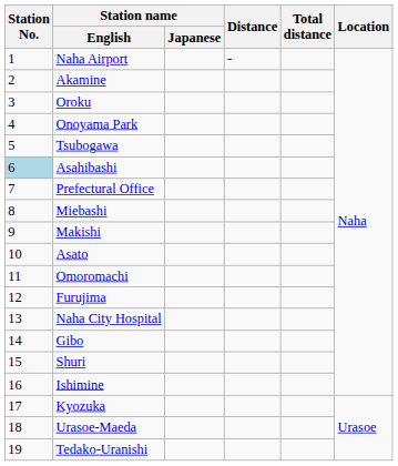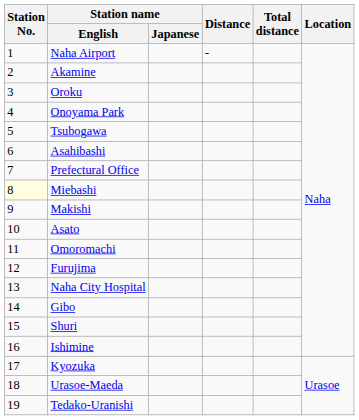 <table class="wikitable">
 <tr>
 <th rowspan="2">Station<br>No.</th>
 <th colspan="2">Station name</th>
 <th rowspan="2">Distance</th>
 <th rowspan="2">Total<br>distance</th>
 <th colspan="2" rowspan="2">Location</th>
 </tr>
 <tr>
 <th>English</th>
 <th>Japanese</th>
 </tr>
 <tr>
 <td>1</td>
 <td><a href='#'>Naha Airport</a></td>
 <td></td>
 <td>-</td>
 <td></td>
 <td rowspan=16><a href='#'>Naha</a></td>
 </tr>
 <tr>
 <td>2</td>
 <td><a href='#'>Akamine</a></td>
 <td></td>
 <td></td>
 <td></td>
 </tr>
 <tr>
 <td>3</td>
 <td><a href='#'>Oroku</a></td>
 <td></td>
 <td></td>
 <td></td>
 </tr>
 <tr>
 <td>4</td>
 <td><a href='#'>Onoyama Park</a></td>
 <td></td>
 <td></td>
 <td></td>
 </tr>
 <tr>
 <td>5</td>
 <td><a href='#'>Tsubogawa</a></td>
 <td></td>
 <td></td>
 <td></td>
 </tr>
 <tr>
-<td style="background: lightblue;">6</td>
+<td>6</td>
 <td><a href='#'>Asahibashi</a></td>
 <td></td>
 <td></td>
 <td></td>
 </tr>
 <tr>
 <td>7</td>
 <td><a href='#'>Prefectural Office</a></td>
 <td></td>
 <td></td>
 <td></td>
 </tr>
 <tr>
-<td>8</td>
+<td style="background: lightyellow;">8</td>
 <td><a href='#'>Miebashi</a></td>
 <td></td>
 <td></td>
 <td></td>
 </tr>
 <tr>
 <td>9</td>
 <td><a href='#'>Makishi</a></td>
 <td></td>
 <td></td>
 <td></td>
 </tr>
 <tr>
 <td>10</td>
 <td><a href='#'>Asato</a></td>
 <td></td>
 <td></td>
 <td></td>
 </tr>
 <tr>
 <td>11</td>
 <td><a href='#'>Omoromachi</a></td>
 <td></td>
 <td></td>
 <td></td>
 </tr>
 <tr>
 <td>12</td>
 <td><a href='#'>Furujima</a></td>
 <td></td>
 <td></td>
 <td></td>
 </tr>
 <tr>
 <td>13</td>
 <td><a href='#'>Naha City Hospital</a></td>
 <td></td>
 <td></td>
 <td></td>
 </tr>
 <tr>
 <td>14</td>
 <td><a href='#'>Gibo</a></td>
 <td></td>
 <td></td>
 <td></td>
 </tr>
 <tr>
 <td>15</td>
 <td><a href='#'>Shuri</a></td>
 <td></td>
 <td></td>
 <td></td>
 </tr>
 <tr>
 <td>16</td>
 <td><a href='#'>Ishimine</a></td>
 <td></td>
 <td></td>
 <td></td>
 </tr>
 <tr>
 <td>17</td>
 <td><a href='#'>Kyozuka</a></td>
 <td></td>
 <td></td>
 <td></td>
 <td rowspan=3><a href='#'>Urasoe</a></td>
 </tr>
 <tr>
 <td>18</td>
 <td><a href='#'>Urasoe-Maeda</a></td>
 <td></td>
 <td></td>
 <td></td>
 </tr>
 <tr>
 <td>19</td>
 <td><a href='#'>Tedako-Uranishi</a></td>
 <td></td>
 <td></td>
 <td></td>
 </tr>
 </table>
